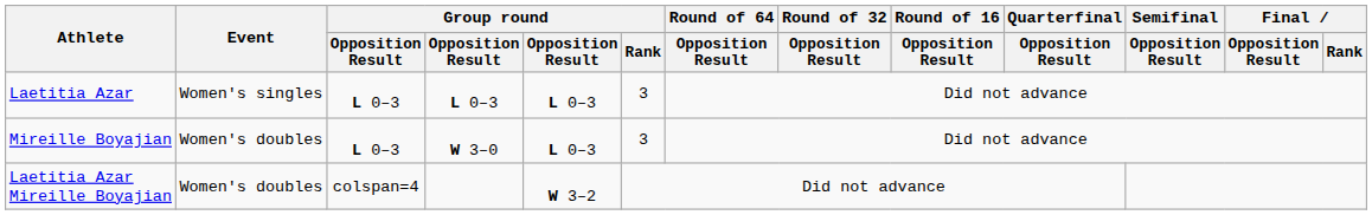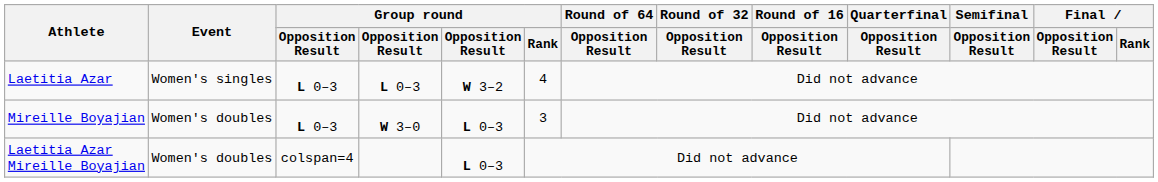 <table class="wikitable" style="font-size:90%;">
 <tr>
 <th rowspan=2>Athlete</th>
 <th rowspan=2>Event</th>
 <th colspan=4>Group round</th>
 <th>Round of 64</th>
 <th>Round of 32</th>
 <th>Round of 16</th>
 <th>Quarterfinal</th>
 <th>Semifinal</th>
 <th colspan=2>Final / </th>
 </tr>
 <tr style="font-size:95%">
 <th>Opposition<br>Result</th>
 <th>Opposition<br>Result</th>
 <th>Opposition<br>Result</th>
 <th>Rank</th>
 <th>Opposition<br>Result</th>
 <th>Opposition<br>Result</th>
 <th>Opposition<br>Result</th>
 <th>Opposition<br>Result</th>
 <th>Opposition<br>Result</th>
 <th>Opposition<br>Result</th>
 <th>Rank</th>
 </tr>
 <tr align=center>
 <td align=left><a href='#'>Laetitia Azar</a></td>
 <td align=left>Women's singles</td>
 <td><br> <strong>L</strong> 0–3</td>
 <td><br> <strong>L</strong> 0–3</td>
-<td><br> <strong>L</strong> 0–3</td>
-<td>3</td>
+<td><br> <strong>W</strong> 3–2</td>
+<td>4</td>
 <td colspan=7>Did not advance</td>
 </tr>
 <tr align=center>
 <td align=left><a href='#'>Mireille Boyajian</a></td>
 <td align=left>Women's doubles</td>
 <td><br> <strong>L</strong> 0–3</td>
 <td><br> <strong>W</strong> 3–0</td>
 <td><br> <strong>L</strong> 0–3</td>
 <td>3</td>
 <td colspan=7>Did not advance</td>
 </tr>
 <tr align=center>
 <td align=left><a href='#'>Laetitia Azar</a><br><a href='#'>Mireille Boyajian</a></td>
 <td align=left>Women's doubles</td>
 <td>colspan=4  </td>
 <td></td>
-<td><br> <strong>W</strong> 3–2</td>
+<td><br> <strong>L</strong> 0–3</td>
 <td colspan=5>Did not advance</td>
 </tr>
 </table>
